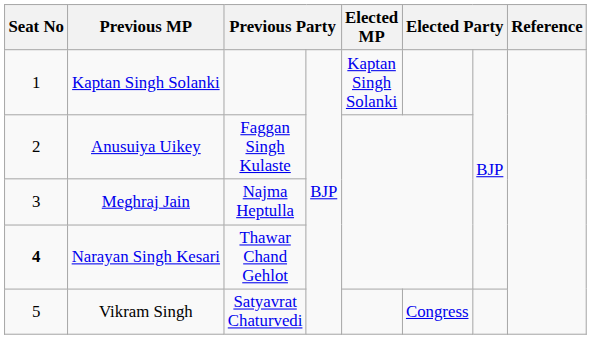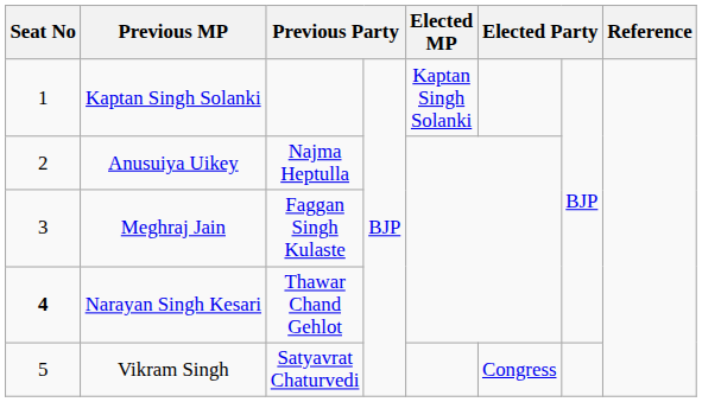 <table class="wikitable">
 <tr>
 <th>Seat No</th>
 <th>Previous MP</th>
 <th colspan=2>Previous Party</th>
 <th>Elected MP</th>
 <th colspan=2>Elected Party</th>
 <th>Reference</th>
 </tr>
 <tr style="text-align:center;">
 <td>1</td>
 <td><a href='#'>Kaptan Singh Solanki</a></td>
 <td width="1px"></td>
 <td rowspan=5><a href='#'>BJP</a></td>
 <td><a href='#'>Kaptan Singh Solanki</a></td>
 <td width="1px"></td>
 <td rowspan=4><a href='#'>BJP</a></td>
 <td rowspan=5></td>
 </tr>
 <tr style="text-align:center;">
 <td>2</td>
 <td><a href='#'>Anusuiya Uikey</a></td>
-<td><a href='#'>Faggan Singh Kulaste</a></td>
+<td><a href='#'>Najma Heptulla</a></td>
 </tr>
 <tr style="text-align:center;">
 <td>3</td>
 <td><a href='#'>Meghraj Jain</a></td>
-<td><a href='#'>Najma Heptulla</a></td>
+<td><a href='#'>Faggan Singh Kulaste</a></td>
 </tr>
 <tr style="text-align:center;">
 <td><strong>4</strong></td>
 <td><a href='#'>Narayan Singh Kesari</a></td>
 <td><a href='#'>Thawar Chand Gehlot</a></td>
 </tr>
 <tr style="text-align:center;">
 <td>5</td>
 <td>Vikram Singh</td>
 <td><a href='#'>Satyavrat Chaturvedi</a></td>
 <td width="1px"></td>
 <td><a href='#'>Congress</a></td>
 </tr>
 </table>
